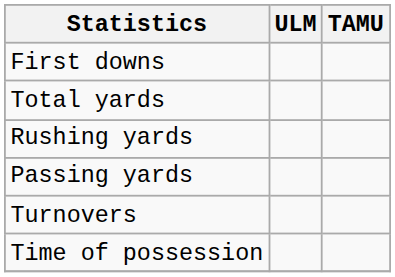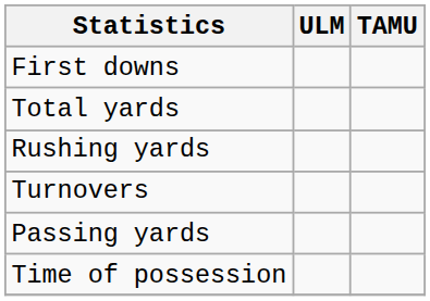 <table class="wikitable">
 <tr>
 <th>Statistics</th>
 <th>ULM</th>
 <th>TAMU</th>
 </tr>
 <tr>
 <td>First downs</td>
 <td></td>
 <td></td>
 </tr>
 <tr>
 <td>Total yards</td>
 <td></td>
 <td></td>
 </tr>
 <tr>
 <td>Rushing yards</td>
 <td></td>
 <td></td>
 </tr>
 <tr>
-<td>Passing yards</td>
+<td>Turnovers</td>
 <td></td>
 <td></td>
 </tr>
 <tr>
-<td>Turnovers</td>
+<td>Passing yards</td>
 <td></td>
 <td></td>
 </tr>
 <tr>
 <td>Time of possession</td>
 <td></td>
 <td></td>
 </tr>
 <tr>
 </tr>
 </table>
